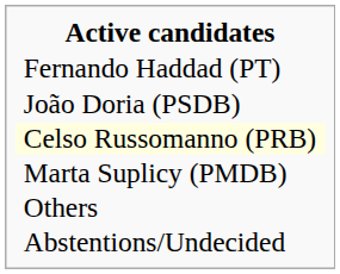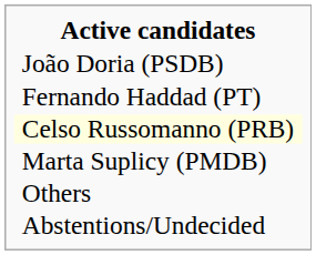 <table style="float; margin-left: 1em; margin-bottom: 0.5em" class="infobox">
 <tr>
 <td style="text-align: center"><span><strong>Active candidates</strong></span></td>
 </tr>
 <tr>
-<td style="padding: 0 5px;"> Fernando Haddad (PT)</td>
+<td style="padding: 0 5px;"> João Doria (PSDB)</td>
 </tr>
 <tr>
-<td style="padding: 0 5px;"> João Doria (PSDB)</td>
+<td style="padding: 0 5px;"> Fernando Haddad (PT)</td>
 </tr>
 <tr>
 <td style="background: lightyellow; padding: 0 5px;"> Celso Russomanno (PRB)</td>
 </tr>
 <tr>
 <td style="padding: 0 5px;"> Marta Suplicy (PMDB)</td>
 </tr>
 <tr>
 <td style="padding: 0 5px;"> Others</td>
 </tr>
 <tr>
 <td style="padding: 0 5px;"> Abstentions/Undecided</td>
 </tr>
 </table>
